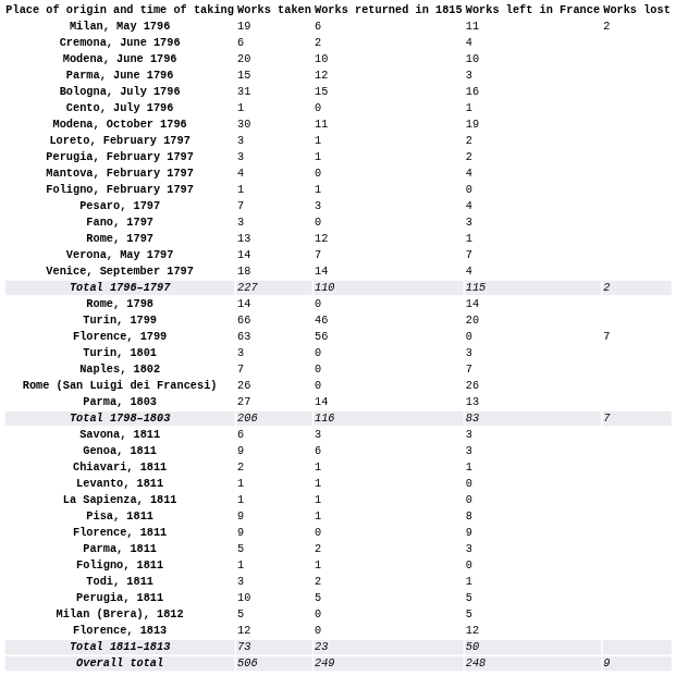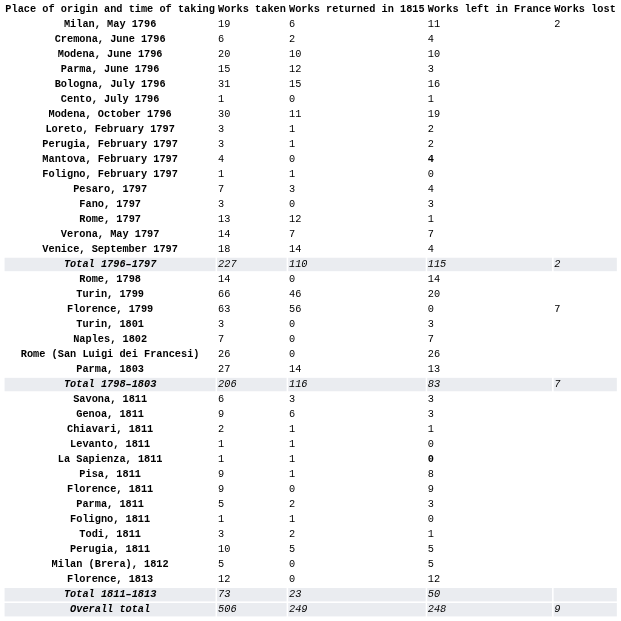 <table>
 <tr>
 <th>Place of origin and time of taking</th>
 <th>Works taken</th>
 <th>Works returned in 1815</th>
 <th>Works left in France</th>
 <th>Works lost</th>
 </tr>
 <tr>
 <th>Milan, May 1796</th>
 <td>19</td>
 <td>6</td>
 <td>11</td>
 <td>2</td>
 </tr>
 <tr>
 <th>Cremona, June 1796</th>
 <td>6</td>
 <td>2</td>
 <td>4</td>
 <td></td>
 </tr>
 <tr>
 <th>Modena, June 1796</th>
 <td>20</td>
 <td>10</td>
 <td>10</td>
 <td></td>
 </tr>
 <tr>
 <th>Parma, June 1796</th>
 <td>15</td>
 <td>12</td>
 <td>3</td>
 <td></td>
 </tr>
 <tr>
 <th>Bologna, July 1796</th>
 <td>31</td>
 <td>15</td>
 <td>16</td>
 <td></td>
 </tr>
 <tr>
 <th>Cento, July 1796</th>
 <td>1</td>
 <td>0</td>
 <td>1</td>
 <td></td>
 </tr>
 <tr>
 <th>Modena, October 1796</th>
 <td>30</td>
 <td>11</td>
 <td>19</td>
 <td></td>
 </tr>
 <tr>
 <th>Loreto, February 1797</th>
 <td>3</td>
 <td>1</td>
 <td>2</td>
 <td></td>
 </tr>
 <tr>
 <th>Perugia, February 1797</th>
 <td>3</td>
 <td>1</td>
 <td>2</td>
 <td></td>
 </tr>
 <tr>
 <th>Mantova, February 1797</th>
 <td>4</td>
 <td>0</td>
-<td>4</td>
+<td><strong>4</strong></td>
 <td></td>
 </tr>
 <tr>
 <th>Foligno, February 1797</th>
 <td>1</td>
 <td>1</td>
 <td>0</td>
 <td></td>
 </tr>
 <tr>
 <th>Pesaro, 1797</th>
 <td>7</td>
 <td>3</td>
 <td>4</td>
 <td></td>
 </tr>
 <tr>
 <th>Fano, 1797</th>
 <td>3</td>
 <td>0</td>
 <td>3</td>
 <td></td>
 </tr>
 <tr>
 <th>Rome, 1797</th>
 <td>13</td>
 <td>12</td>
 <td>1</td>
 <td></td>
 </tr>
 <tr>
 <th>Verona, May 1797</th>
 <td>14</td>
 <td>7</td>
 <td>7</td>
 <td></td>
 </tr>
 <tr>
 <th>Venice, September 1797</th>
 <td>18</td>
 <td>14</td>
 <td>4</td>
 <td></td>
 </tr>
 <tr style="background: #EAECF0; font-style: italic;">
 <th>Total 1796–1797</th>
 <td>227</td>
 <td>110</td>
 <td>115</td>
 <td>2</td>
 </tr>
 <tr>
 <th>Rome, 1798</th>
 <td>14</td>
 <td>0</td>
 <td>14</td>
 <td></td>
 </tr>
 <tr>
 <th>Turin, 1799</th>
 <td>66</td>
 <td>46</td>
 <td>20</td>
 <td></td>
 </tr>
 <tr>
 <th>Florence, 1799</th>
 <td>63</td>
 <td>56</td>
 <td>0</td>
 <td>7</td>
 </tr>
 <tr>
 <th>Turin, 1801</th>
 <td>3</td>
 <td>0</td>
 <td>3</td>
 <td></td>
 </tr>
 <tr>
 <th>Naples, 1802</th>
 <td>7</td>
 <td>0</td>
 <td>7</td>
 <td></td>
 </tr>
 <tr>
 <th>Rome (San Luigi dei Francesi)</th>
 <td>26</td>
 <td>0</td>
 <td>26</td>
 <td></td>
 </tr>
 <tr>
 <th>Parma, 1803</th>
 <td>27</td>
 <td>14</td>
 <td>13</td>
 <td></td>
 </tr>
 <tr style="background: #EAECF0; font-style: italic;">
 <th>Total 1798–1803</th>
 <td>206</td>
 <td>116</td>
 <td>83</td>
 <td>7</td>
 </tr>
 <tr>
 <th>Savona, 1811</th>
 <td>6</td>
 <td>3</td>
 <td>3</td>
 <td></td>
 </tr>
 <tr>
 <th>Genoa, 1811</th>
 <td>9</td>
 <td>6</td>
 <td>3</td>
 <td></td>
 </tr>
 <tr>
 <th>Chiavari, 1811</th>
 <td>2</td>
 <td>1</td>
 <td>1</td>
 <td></td>
 </tr>
 <tr>
 <th>Levanto, 1811</th>
 <td>1</td>
 <td>1</td>
 <td>0</td>
 <td></td>
 </tr>
 <tr>
 <th>La Sapienza, 1811</th>
 <td>1</td>
 <td>1</td>
-<td>0</td>
+<td><strong>0</strong></td>
 <td></td>
 </tr>
 <tr>
 <th>Pisa, 1811</th>
 <td>9</td>
 <td>1</td>
 <td>8</td>
 <td></td>
 </tr>
 <tr>
 <th>Florence, 1811</th>
 <td>9</td>
 <td>0</td>
 <td>9</td>
 <td></td>
 </tr>
 <tr>
 <th>Parma, 1811</th>
 <td>5</td>
 <td>2</td>
 <td>3</td>
 <td></td>
 </tr>
 <tr>
 <th>Foligno, 1811</th>
 <td>1</td>
 <td>1</td>
 <td>0</td>
 <td></td>
 </tr>
 <tr>
 <th>Todi, 1811</th>
 <td>3</td>
 <td>2</td>
 <td>1</td>
 <td></td>
 </tr>
 <tr>
 <th>Perugia, 1811</th>
 <td>10</td>
 <td>5</td>
 <td>5</td>
 <td></td>
 </tr>
 <tr>
 <th>Milan (Brera), 1812</th>
 <td>5</td>
 <td>0</td>
 <td>5</td>
 <td></td>
 </tr>
 <tr>
 <th>Florence, 1813</th>
 <td>12</td>
 <td>0</td>
 <td>12</td>
 <td></td>
 </tr>
 <tr style="background: #EAECF0; font-style: italic;">
 <th>Total 1811–1813</th>
 <td>73</td>
 <td>23</td>
 <td>50</td>
 <td></td>
 </tr>
 <tr style="background: #EAECF0; font-style: italic;">
 <th>Overall total</th>
 <td>506</td>
 <td>249</td>
 <td>248</td>
 <td>9</td>
 </tr>
 </table>
